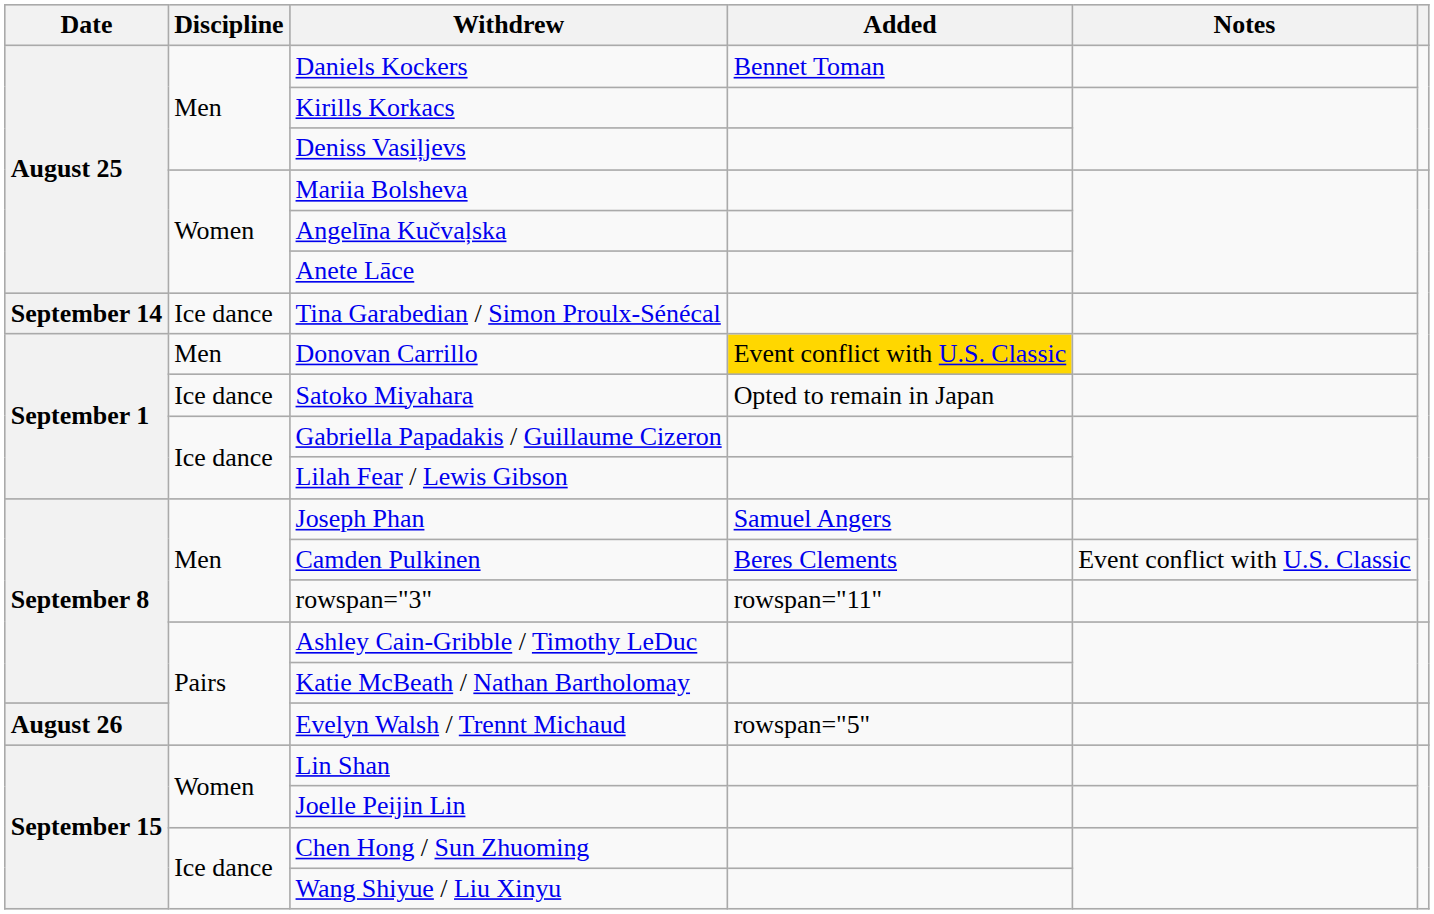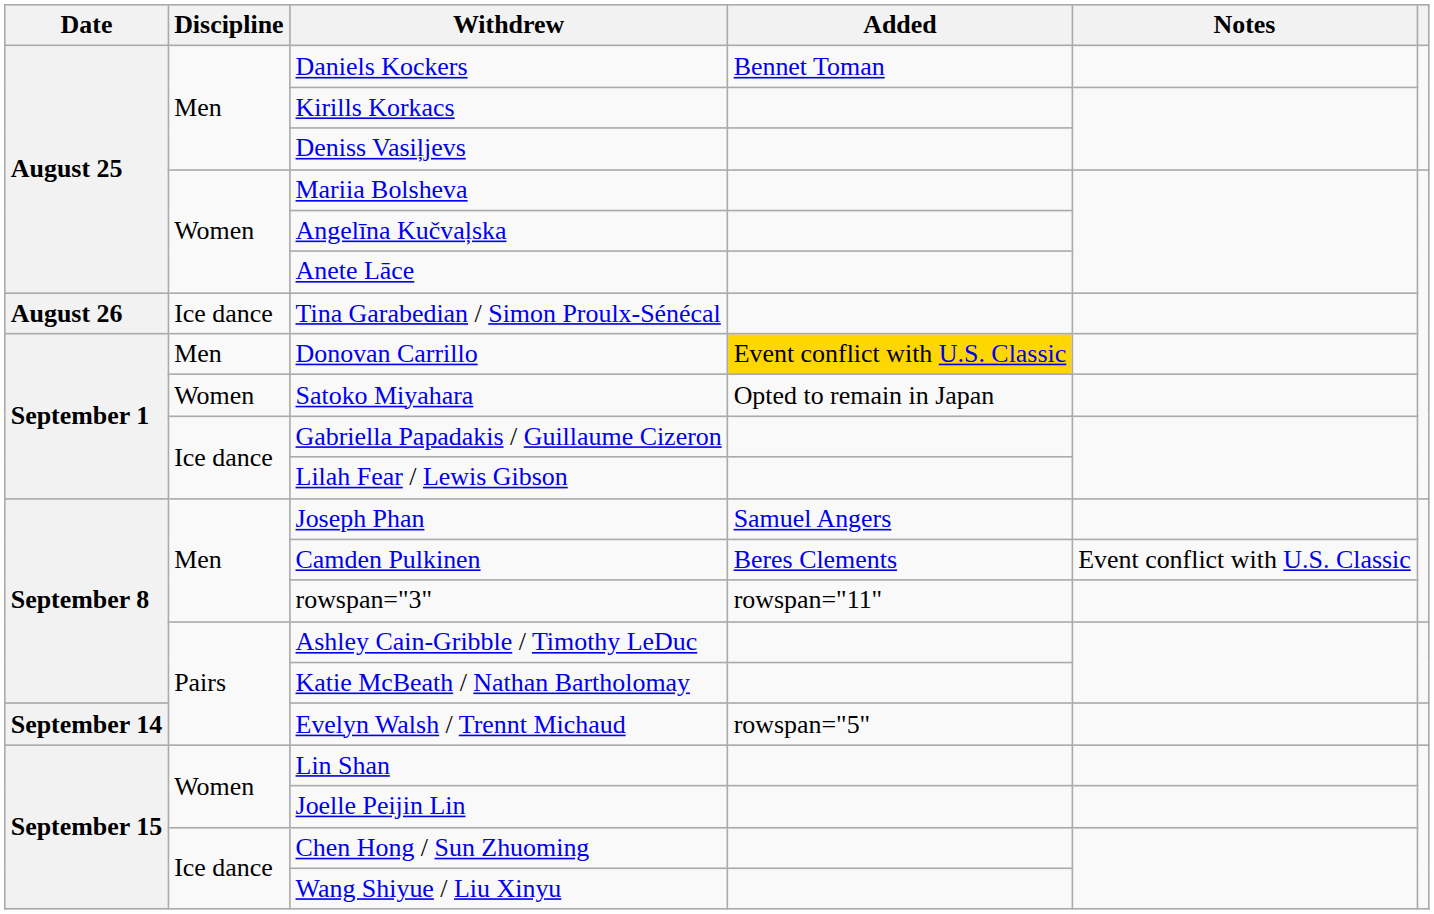 <table class="wikitable unsortable">
 <tr>
 <th scope="col">Date</th>
 <th scope="col">Discipline</th>
 <th scope="col">Withdrew</th>
 <th scope="col">Added</th>
 <th scope="col">Notes</th>
 <th scope="col"></th>
 </tr>
 <tr>
 <th scope="row" style="text-align:left" rowspan="6">August 25</th>
 <td rowspan="3">Men</td>
 <td> <a href='#'>Daniels Kockers</a></td>
 <td> <a href='#'>Bennet Toman</a></td>
 <td></td>
 <td rowspan="3"></td>
 </tr>
 <tr>
 <td> <a href='#'>Kirills Korkacs</a></td>
 <td></td>
 </tr>
 <tr>
 <td> <a href='#'>Deniss Vasiļjevs</a></td>
 <td></td>
 </tr>
 <tr>
 <td rowspan="3">Women</td>
 <td> <a href='#'>Mariia Bolsheva</a></td>
 <td></td>
 <td rowspan="3"></td>
 </tr>
 <tr>
 <td> <a href='#'>Angelīna Kučvaļska</a></td>
 <td></td>
 </tr>
 <tr>
 <td> <a href='#'>Anete Lāce</a></td>
 <td></td>
 </tr>
 <tr>
-<th scope="row" style="text-align:left">September 14</th>
+<th scope="row" style="text-align:left">August 26</th>
 <td>Ice dance</td>
 <td> <a href='#'>Tina Garabedian</a> / <a href='#'>Simon Proulx-Sénécal</a></td>
 <td></td>
 <td></td>
 </tr>
 <tr>
 <th scope="row" style="text-align:left" rowspan="4">September 1</th>
 <td>Men</td>
 <td> <a href='#'>Donovan Carrillo</a></td>
 <td style="background: gold;">Event conflict with <a href='#'>U.S. Classic</a></td>
 <td></td>
 </tr>
 <tr>
-<td>Ice dance</td>
+<td>Women</td>
 <td> <a href='#'>Satoko Miyahara</a></td>
 <td>Opted to remain in Japan</td>
 <td></td>
 </tr>
 <tr>
 <td rowspan="2">Ice dance</td>
 <td> <a href='#'>Gabriella Papadakis</a> / <a href='#'>Guillaume Cizeron</a></td>
 <td></td>
 <td rowspan="2"></td>
 </tr>
 <tr>
 <td> <a href='#'>Lilah Fear</a> / <a href='#'>Lewis Gibson</a></td>
 <td></td>
 </tr>
 <tr>
 <th scope="row" style="text-align:left" rowspan="5">September 8</th>
 <td rowspan="3">Men</td>
 <td> <a href='#'>Joseph Phan</a></td>
 <td> <a href='#'>Samuel Angers</a></td>
 <td></td>
 <td rowspan="3"></td>
 </tr>
 <tr>
 <td> <a href='#'>Camden Pulkinen</a></td>
 <td> <a href='#'>Beres Clements</a></td>
 <td>Event conflict with <a href='#'>U.S. Classic</a></td>
 </tr>
 <tr>
 <td>rowspan="3" </td>
 <td>rowspan="11" </td>
 <td></td>
 </tr>
 <tr>
 <td rowspan="3">Pairs</td>
 <td> <a href='#'>Ashley Cain-Gribble</a> / <a href='#'>Timothy LeDuc</a></td>
 <td></td>
 <td rowspan="2"></td>
 </tr>
 <tr>
 <td> <a href='#'>Katie McBeath</a> / <a href='#'>Nathan Bartholomay</a></td>
 <td></td>
 </tr>
 <tr>
-<th scope="row" style="text-align:left">August 26</th>
+<th scope="row" style="text-align:left">September 14</th>
 <td> <a href='#'>Evelyn Walsh</a> / <a href='#'>Trennt Michaud</a></td>
 <td>rowspan="5" </td>
 <td></td>
 <td></td>
 </tr>
 <tr>
 <th scope="row" style="text-align:left" rowspan="4">September 15</th>
 <td rowspan="2">Women</td>
 <td> <a href='#'>Lin Shan</a></td>
 <td></td>
 <td></td>
 </tr>
 <tr>
 <td>  <a href='#'>Joelle Peijin Lin</a></td>
 <td></td>
 <td></td>
 </tr>
 <tr>
 <td rowspan="2">Ice dance</td>
 <td> <a href='#'>Chen Hong</a> / <a href='#'>Sun Zhuoming</a></td>
 <td></td>
 <td rowspan="2"></td>
 </tr>
 <tr>
 <td> <a href='#'>Wang Shiyue</a> / <a href='#'>Liu Xinyu</a></td>
 <td></td>
 </tr>
 </table>
